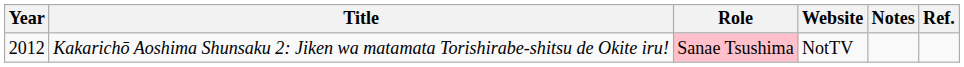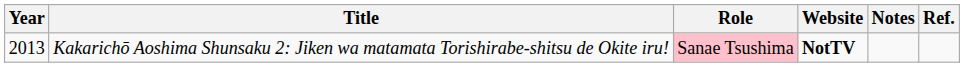 <table class="wikitable">
 <tr>
 <th>Year</th>
 <th>Title</th>
 <th>Role</th>
 <th>Website</th>
 <th>Notes</th>
 <th>Ref.</th>
 </tr>
 <tr>
-<td>2012</td>
+<td>2013</td>
 <td><em>Kakarichō Aoshima Shunsaku 2: Jiken wa matamata Torishirabe-shitsu de Okite iru!</em></td>
 <td style="background: pink;">Sanae Tsushima</td>
-<td>NotTV</td>
+<td><strong>NotTV</strong></td>
 <td></td>
 <td></td>
 </tr>
 </table>
